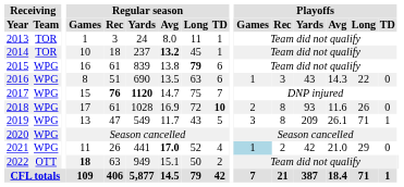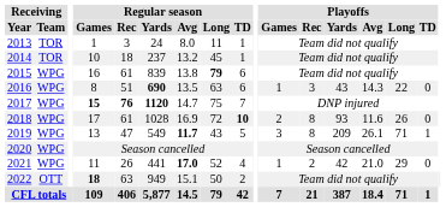 <table BORDER="0" CELLPADDING="1" CELLSPACING="0" width="65%" style="text-align:center">
 <tr bgcolor="#e0e0e0">
 <th colspan="2">Receiving</th>
 <th rowspan="99" bgcolor="#ffffff"> </th>
 <th colspan="6">Regular season</th>
 <th rowspan="100" bgcolor="#ffffff"> </th>
 <th colspan="6">Playoffs</th>
 </tr>
 <tr bgcolor="#e0e0e0">
 <th>Year</th>
 <th>Team</th>
 <th>Games</th>
 <th>Rec</th>
 <th>Yards</th>
 <th>Avg</th>
 <th>Long</th>
 <th>TD</th>
 <th>Games</th>
 <th>Rec</th>
 <th>Yards</th>
 <th>Avg</th>
 <th>Long</th>
 <th>TD</th>
 </tr>
 <tr ALIGN="center">
 <td><a href='#'>2013</a></td>
 <td><a href='#'>TOR</a></td>
 <td>1</td>
 <td>3</td>
 <td>24</td>
 <td>8.0</td>
 <td>11</td>
 <td>1</td>
 <td colspan="6"><em>Team did not qualify</em></td>
 </tr>
 <tr ALIGN="center" bgcolor="#f0f0f0">
 <td><a href='#'>2014</a></td>
 <td><a href='#'>TOR</a></td>
 <td>10</td>
 <td>18</td>
 <td>237</td>
-<td><strong>13.2</strong></td>
+<td>13.2</td>
 <td>45</td>
 <td>1</td>
 <td colspan="6"><em>Team did not qualify</em></td>
 </tr>
 <tr ALIGN="center">
 <td><a href='#'>2015</a></td>
 <td><a href='#'>WPG</a></td>
 <td>16</td>
 <td>61</td>
 <td>839</td>
 <td>13.8</td>
 <td><strong>79</strong></td>
 <td>6</td>
 <td colspan="6"><em>Team did not qualify</em></td>
 </tr>
 <tr bgcolor="#f0f0f0">
 <td><a href='#'>2016</a></td>
 <td><a href='#'>WPG</a></td>
 <td>8</td>
 <td>51</td>
-<td>690</td>
+<td><strong>690</strong></td>
 <td>13.5</td>
 <td>63</td>
 <td>6</td>
 <td>1</td>
 <td>3</td>
 <td>43</td>
 <td>14.3</td>
 <td>22</td>
 <td>0</td>
 </tr>
 <tr ALIGN="center">
 <td><a href='#'>2017</a></td>
 <td><a href='#'>WPG</a></td>
-<td>15</td>
+<td><strong>15</strong></td>
 <td><strong>76</strong></td>
 <td><strong>1120</strong></td>
 <td>14.7</td>
 <td>75</td>
 <td>7</td>
 <td colspan="6"><em>DNP injured</em></td>
 </tr>
 <tr bgcolor="#f0f0f0">
 <td><a href='#'>2018</a></td>
 <td><a href='#'>WPG</a></td>
 <td>17</td>
 <td>61</td>
 <td>1028</td>
 <td>16.9</td>
 <td>72</td>
 <td><strong>10</strong></td>
 <td>2</td>
 <td>8</td>
 <td>93</td>
 <td>11.6</td>
 <td>26</td>
 <td>0</td>
 </tr>
 <tr ALIGN="center">
 <td><a href='#'>2019</a></td>
 <td><a href='#'>WPG</a></td>
 <td>13</td>
 <td>47</td>
 <td>549</td>
-<td>11.7</td>
+<td><strong>11.7</strong></td>
 <td>43</td>
 <td>5</td>
 <td>3</td>
 <td>8</td>
 <td>209</td>
 <td>26.1</td>
 <td>71</td>
 <td>1</td>
 </tr>
 <tr ALIGN="center" bgcolor="#f0f0f0">
 <td><a href='#'>2020</a></td>
 <td><a href='#'>WPG</a></td>
 <td colspan="6"><em>Season cancelled</em></td>
 <td colspan="6"><em>Season cancelled</em></td>
 </tr>
 <tr ALIGN="center">
 <td><a href='#'>2021</a></td>
 <td><a href='#'>WPG</a></td>
 <td>11</td>
 <td>26</td>
 <td>441</td>
 <td><strong>17.0</strong></td>
 <td>52</td>
 <td>4</td>
-<td style="background: lightblue;">1</td>
+<td>1</td>
 <td>2</td>
 <td>42</td>
 <td>21.0</td>
 <td>29</td>
 <td>0</td>
 </tr>
 <tr>
 </tr>
 <tr ALIGN="center" bgcolor="#f0f0f0">
 <td><a href='#'>2022</a></td>
 <td><a href='#'>OTT</a></td>
 <th>18</th>
 <td>63</td>
 <td>949</td>
 <td>15.1</td>
 <td>50</td>
 <td>2</td>
 <td colspan="6"><em>Team did not qualify</em></td>
 <td></td>
 </tr>
 <tr bgcolor="#e0e0e0">
 <th colspan="3"><a href='#'>CFL totals</a></th>
 <th>109</th>
 <th>406</th>
 <th>5,877</th>
 <th>14.5</th>
 <th>79</th>
 <th>42</th>
 <th>7</th>
 <th>21</th>
 <th>387</th>
 <th>18.4</th>
 <th>71</th>
 <th>1</th>
 </tr>
 </table>
